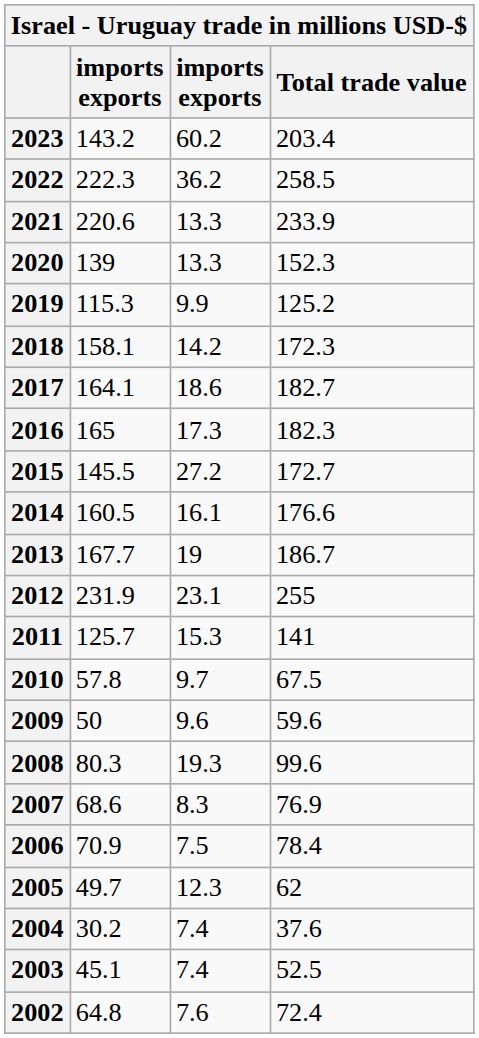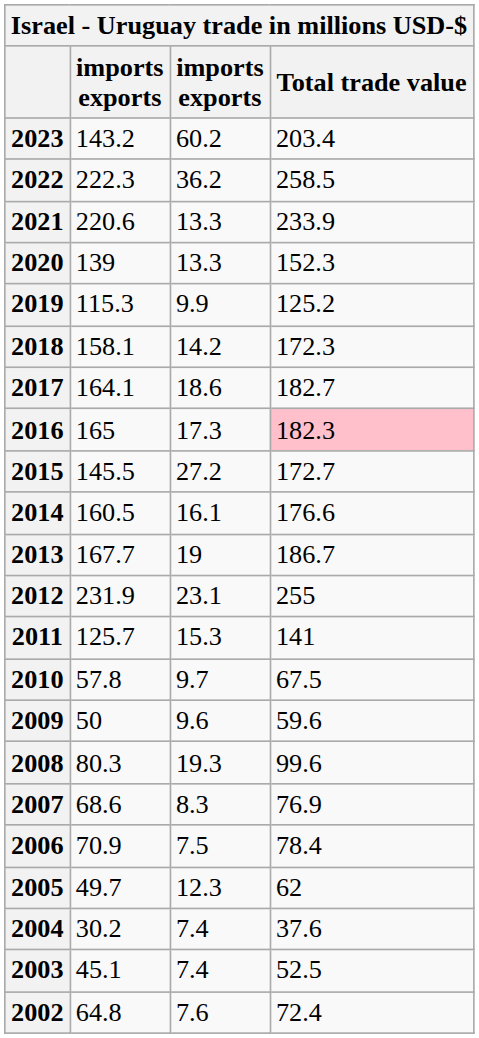 <table class="wikitable mw-collapsible mw-collapsed">
 <tr>
 <th colspan="4">Israel - Uruguay trade in millions USD-$</th>
 </tr>
 <tr>
 <th></th>
 <th> imports<br> exports</th>
 <th> imports<br> exports</th>
 <th>Total trade value</th>
 </tr>
 <tr>
 <th>2023</th>
 <td>143.2</td>
 <td>60.2</td>
 <td>203.4</td>
 </tr>
 <tr>
 <th>2022</th>
 <td>222.3</td>
 <td>36.2</td>
 <td>258.5</td>
 </tr>
 <tr>
 <th>2021</th>
 <td>220.6</td>
 <td>13.3</td>
 <td>233.9</td>
 </tr>
 <tr>
 <th>2020</th>
 <td>139</td>
 <td>13.3</td>
 <td>152.3</td>
 </tr>
 <tr>
 <th>2019</th>
 <td>115.3</td>
 <td>9.9</td>
 <td>125.2</td>
 </tr>
 <tr>
 <th>2018</th>
 <td>158.1</td>
 <td>14.2</td>
 <td>172.3</td>
 </tr>
 <tr>
 <th>2017</th>
 <td>164.1</td>
 <td>18.6</td>
 <td>182.7</td>
 </tr>
 <tr>
 <th>2016</th>
 <td>165</td>
 <td>17.3</td>
-<td>182.3</td>
+<td style="background: pink;">182.3</td>
 </tr>
 <tr>
 <th>2015</th>
 <td>145.5</td>
 <td>27.2</td>
 <td>172.7</td>
 </tr>
 <tr>
 <th>2014</th>
 <td>160.5</td>
 <td>16.1</td>
 <td>176.6</td>
 </tr>
 <tr>
 <th>2013</th>
 <td>167.7</td>
 <td>19</td>
 <td>186.7</td>
 </tr>
 <tr>
 <th>2012</th>
 <td>231.9</td>
 <td>23.1</td>
 <td>255</td>
 </tr>
 <tr>
 <th>2011</th>
 <td>125.7</td>
 <td>15.3</td>
 <td>141</td>
 </tr>
 <tr>
 <th>2010</th>
 <td>57.8</td>
 <td>9.7</td>
 <td>67.5</td>
 </tr>
 <tr>
 <th>2009</th>
 <td>50</td>
 <td>9.6</td>
 <td>59.6</td>
 </tr>
 <tr>
 <th>2008</th>
 <td>80.3</td>
 <td>19.3</td>
 <td>99.6</td>
 </tr>
 <tr>
 <th>2007</th>
 <td>68.6</td>
 <td>8.3</td>
 <td>76.9</td>
 </tr>
 <tr>
 <th>2006</th>
 <td>70.9</td>
 <td>7.5</td>
 <td>78.4</td>
 </tr>
 <tr>
 <th>2005</th>
 <td>49.7</td>
 <td>12.3</td>
 <td>62</td>
 </tr>
 <tr>
 <th>2004</th>
 <td>30.2</td>
 <td>7.4</td>
 <td>37.6</td>
 </tr>
 <tr>
 <th>2003</th>
 <td>45.1</td>
 <td>7.4</td>
 <td>52.5</td>
 </tr>
 <tr>
 <th>2002</th>
 <td>64.8</td>
 <td>7.6</td>
 <td>72.4</td>
 </tr>
 </table>
